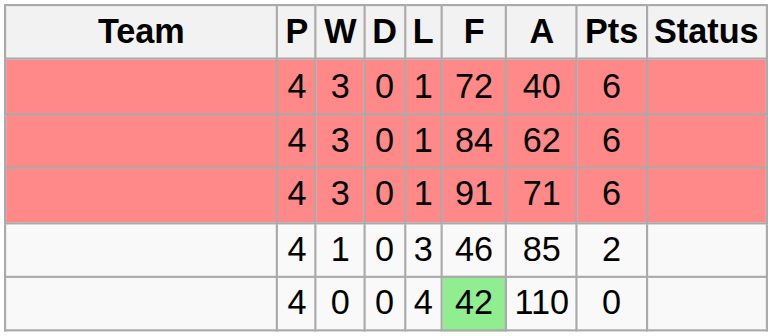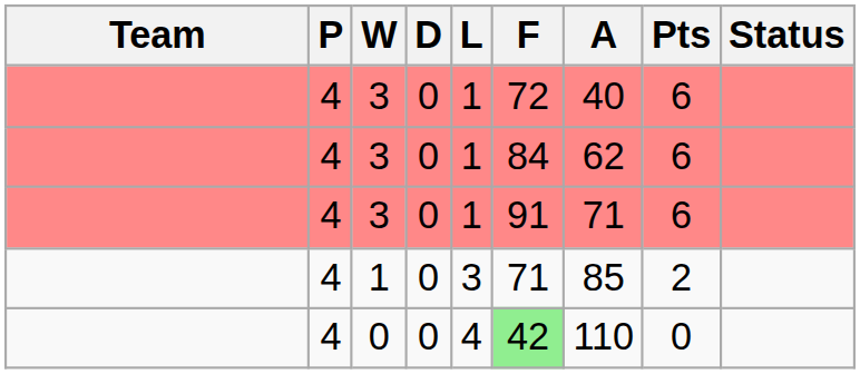 <table class="wikitable" style="text-align:center;">
 <tr>
 <th width="120px">Team</th>
 <th>P</th>
 <th>W</th>
 <th>D</th>
 <th>L</th>
 <th width="23px">F</th>
 <th width="23px">A</th>
 <th width="23px">Pts</th>
 <th>Status</th>
 </tr>
 <tr bgcolor="#FF8888">
 <td></td>
 <td>4</td>
 <td>3</td>
 <td>0</td>
 <td>1</td>
 <td>72</td>
 <td>40</td>
 <td>6</td>
 <td></td>
 </tr>
 <tr bgcolor="#FF8888">
 <td></td>
 <td>4</td>
 <td>3</td>
 <td>0</td>
 <td>1</td>
 <td>84</td>
 <td>62</td>
 <td>6</td>
 <td></td>
 </tr>
 <tr bgcolor="#FF8888">
 <td></td>
 <td>4</td>
 <td>3</td>
 <td>0</td>
 <td>1</td>
 <td>91</td>
 <td>71</td>
 <td>6</td>
 <td></td>
 </tr>
 <tr>
 <td></td>
 <td>4</td>
 <td>1</td>
 <td>0</td>
 <td>3</td>
-<td>46</td>
+<td>71</td>
 <td>85</td>
 <td>2</td>
 <td></td>
 </tr>
 <tr>
 <td></td>
 <td>4</td>
 <td>0</td>
 <td>0</td>
 <td>4</td>
 <td style="background: lightgreen;">42</td>
 <td>110</td>
 <td>0</td>
 <td></td>
 </tr>
 </table>
